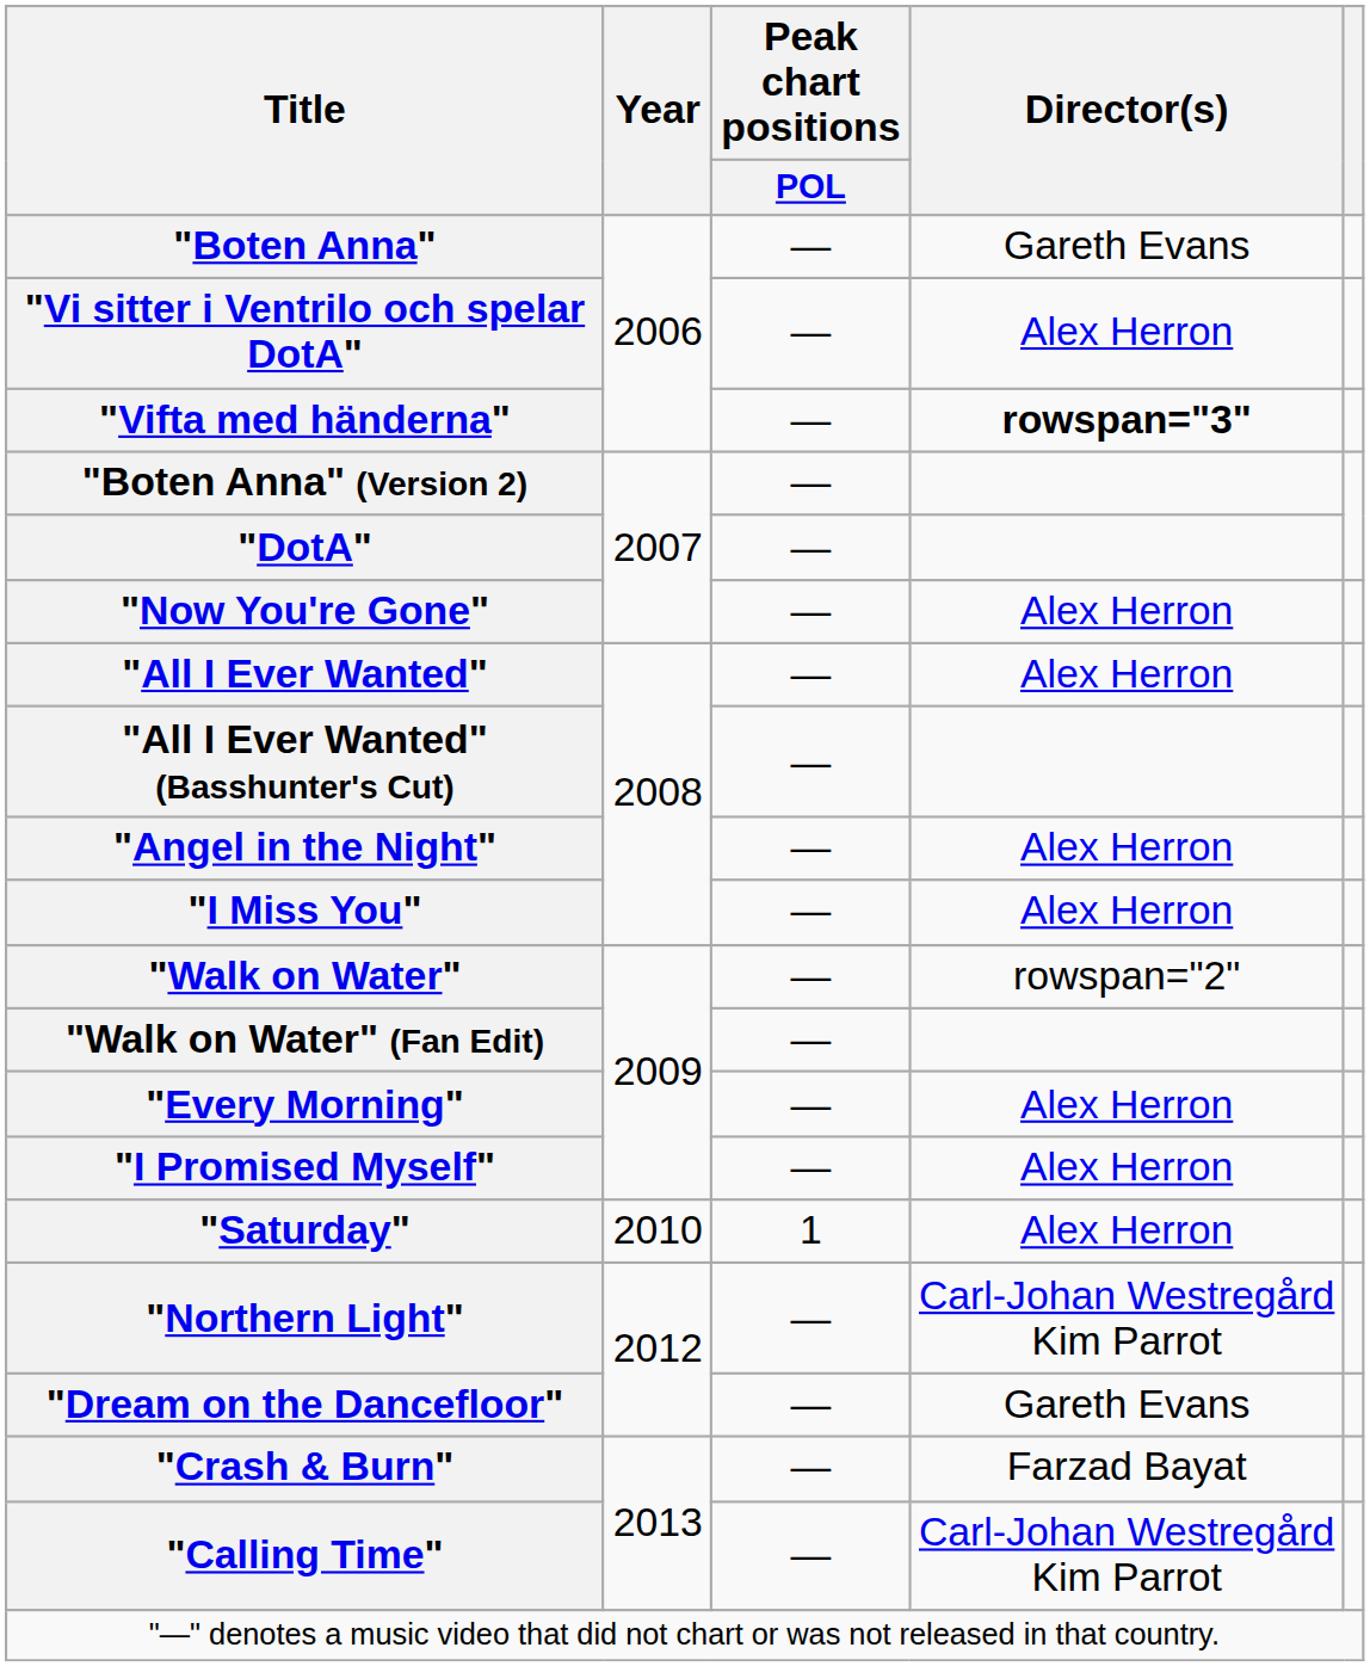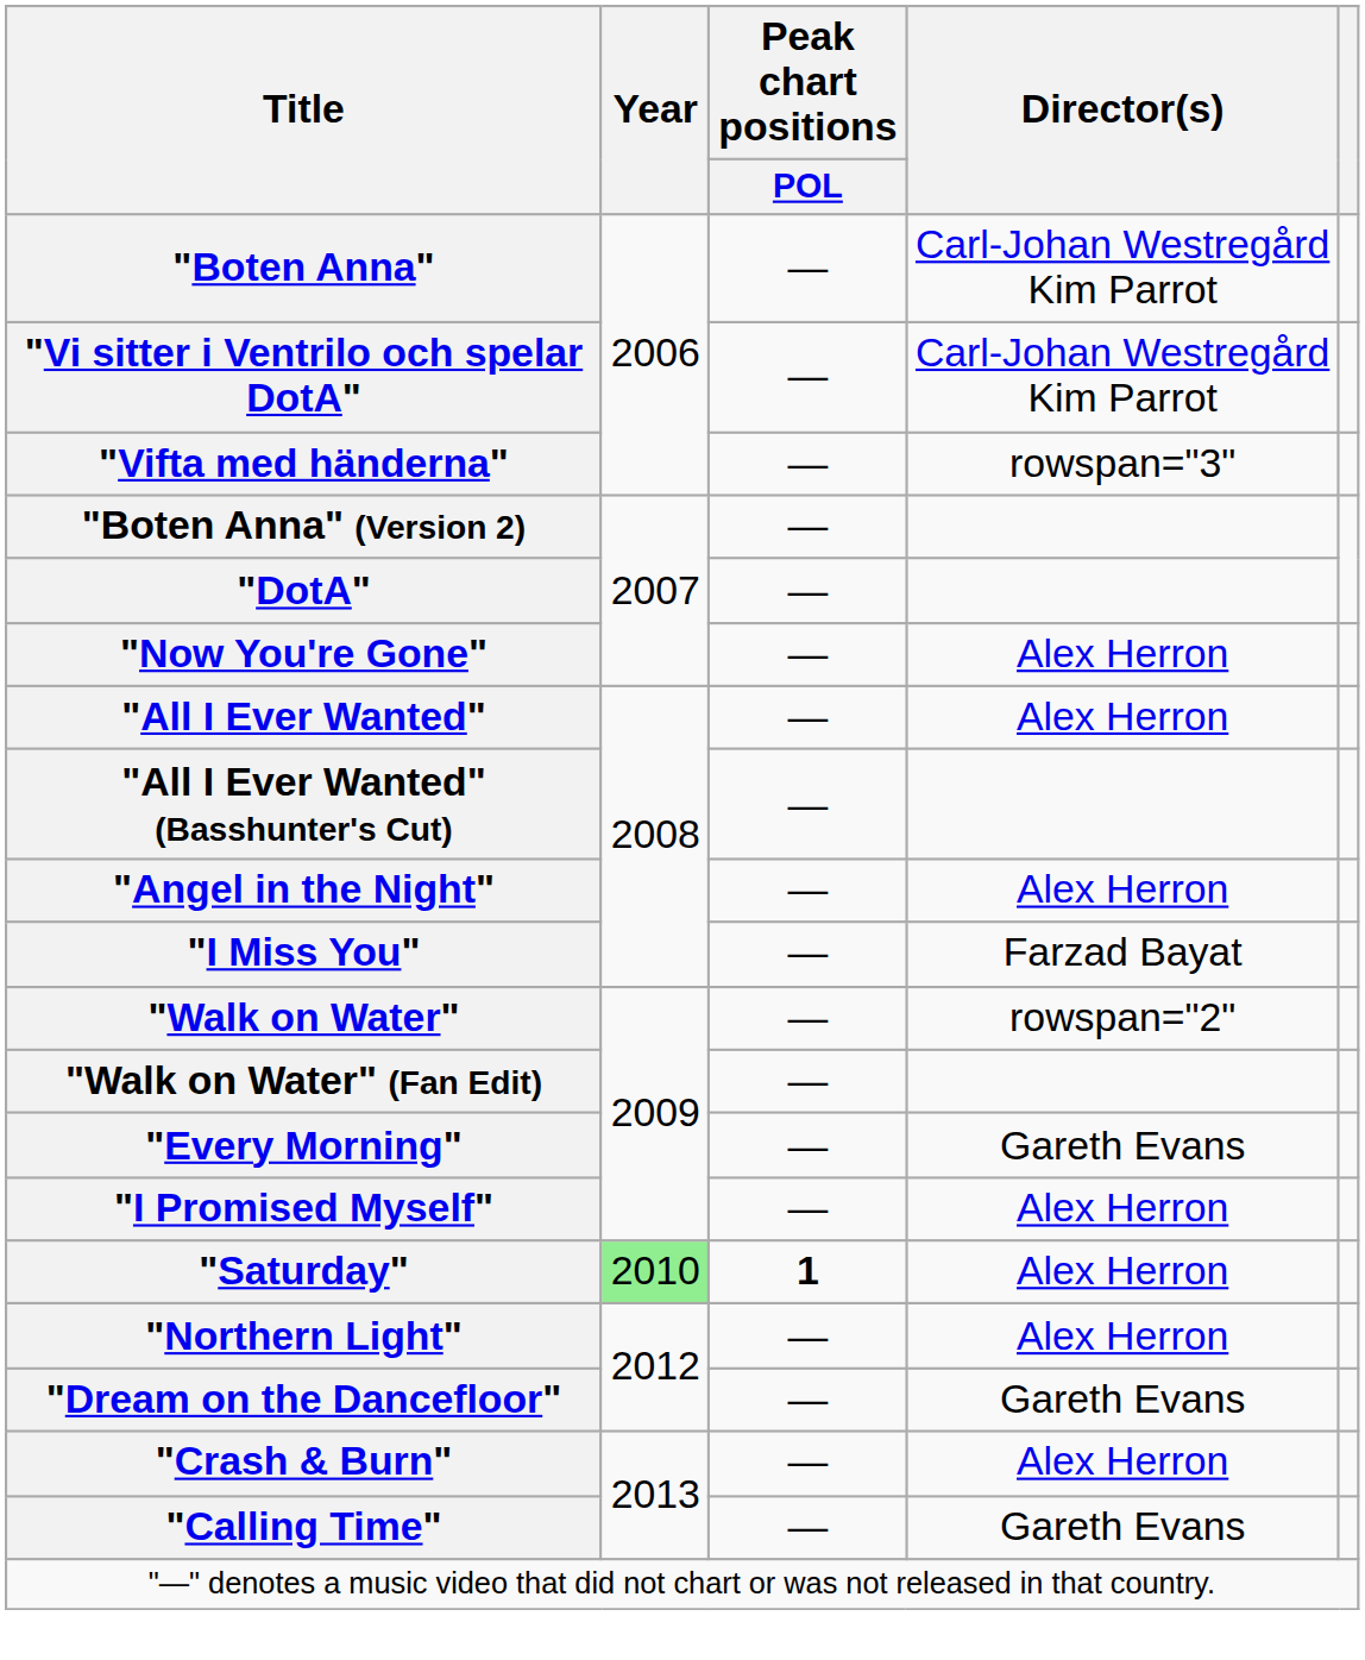 <table class="wikitable plainrowheaders" style="text-align:center;">
 <tr>
 <th scope="col" width="230" rowspan="2">Title</th>
 <th scope="col" rowspan="2">Year</th>
 <th scope="col">Peak chart positions</th>
 <th scope="col" rowspan="2">Director(s)</th>
 <th scope="col" rowspan="2"></th>
 </tr>
 <tr>
 <th style="width:2.5em; font-size:85%"><a href='#'>POL</a><br></th>
 </tr>
 <tr>
 <th scope="row">"<a href='#'>Boten Anna</a>"</th>
 <td rowspan="3">2006</td>
 <td>—</td>
-<td>Gareth Evans</td>
+<td><a href='#'>Carl-Johan Westregård</a><br>Kim Parrot</td>
 <td></td>
 </tr>
 <tr>
 <th scope="row">"<a href='#'>Vi sitter i Ventrilo och spelar DotA</a>"</th>
 <td>—</td>
-<td><a href='#'>Alex Herron</a></td>
+<td><a href='#'>Carl-Johan Westregård</a><br>Kim Parrot</td>
 <td></td>
 </tr>
 <tr>
 <th scope="row">"<a href='#'>Vifta med händerna</a>"</th>
 <td>—</td>
-<td><strong>rowspan="3" </strong></td>
+<td>rowspan="3" </td>
 <td></td>
 </tr>
 <tr>
 <th scope="row">"Boten Anna" <small>(Version 2)</small></th>
 <td rowspan="3">2007</td>
 <td>—</td>
 <td></td>
 </tr>
 <tr>
 <th scope="row">"<a href='#'>DotA</a>"</th>
 <td>—</td>
 <td></td>
 </tr>
 <tr>
 <th scope="row">"<a href='#'>Now You're Gone</a>"</th>
 <td>—</td>
 <td><a href='#'>Alex Herron</a></td>
 <td></td>
 </tr>
 <tr>
 <th scope="row">"<a href='#'>All I Ever Wanted</a>"</th>
 <td rowspan="4">2008</td>
 <td>—</td>
 <td><a href='#'>Alex Herron</a></td>
 <td></td>
 </tr>
 <tr>
 <th scope="row">"All I Ever Wanted" <small>(Basshunter's Cut)</small></th>
 <td>—</td>
 <td></td>
 <td></td>
 </tr>
 <tr>
 <th scope="row">"<a href='#'>Angel in the Night</a>"</th>
 <td>—</td>
 <td><a href='#'>Alex Herron</a></td>
 <td></td>
 </tr>
 <tr>
 <th scope="row">"<a href='#'>I Miss You</a>"</th>
 <td>—</td>
-<td><a href='#'>Alex Herron</a></td>
+<td>Farzad Bayat</td>
 <td></td>
 </tr>
 <tr>
 <th scope="row">"<a href='#'>Walk on Water</a>"</th>
 <td rowspan="4">2009</td>
 <td>—</td>
 <td>rowspan="2" </td>
 <td></td>
 </tr>
 <tr>
 <th scope="row">"Walk on Water" <small>(Fan Edit)</small></th>
 <td>—</td>
 <td></td>
 </tr>
 <tr>
 <th scope="row">"<a href='#'>Every Morning</a>"</th>
 <td>—</td>
-<td><a href='#'>Alex Herron</a></td>
+<td>Gareth Evans</td>
 <td></td>
 </tr>
 <tr>
 <th scope="row">"<a href='#'>I Promised Myself</a>"</th>
 <td>—</td>
 <td><a href='#'>Alex Herron</a></td>
 <td></td>
 </tr>
 <tr>
 <th scope="row">"<a href='#'>Saturday</a>"</th>
-<td>2010</td>
-<td>1</td>
+<td style="background: lightgreen;">2010</td>
+<td><strong>1</strong></td>
 <td><a href='#'>Alex Herron</a></td>
 <td></td>
 </tr>
 <tr>
 <th scope="row">"<a href='#'>Northern Light</a>"</th>
 <td rowspan="2">2012</td>
 <td>—</td>
-<td><a href='#'>Carl-Johan Westregård</a><br>Kim Parrot</td>
+<td><a href='#'>Alex Herron</a></td>
 <td></td>
 </tr>
 <tr>
 <th scope="row">"<a href='#'>Dream on the Dancefloor</a>"</th>
 <td>—</td>
 <td>Gareth Evans</td>
 <td></td>
 </tr>
 <tr>
 <th scope="row">"<a href='#'>Crash & Burn</a>"</th>
 <td rowspan="2">2013</td>
 <td>—</td>
-<td>Farzad Bayat</td>
+<td><a href='#'>Alex Herron</a></td>
 <td></td>
 </tr>
 <tr>
 <th scope="row">"<a href='#'>Calling Time</a>"</th>
 <td>—</td>
-<td><a href='#'>Carl-Johan Westregård</a><br>Kim Parrot</td>
+<td>Gareth Evans</td>
 <td></td>
 </tr>
 <tr>
 <td colspan="5" style="font-size:9pt">"—" denotes a music video that did not chart or was not released in that country.</td>
 </tr>
 </table>
